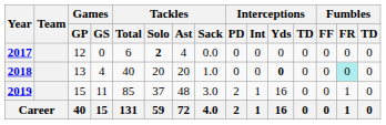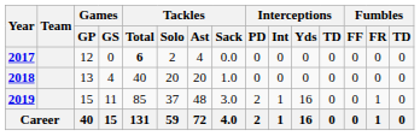 <table class="wikitable" style="text-align:center;">
 <tr>
 <th rowspan="2">Year</th>
 <th rowspan="2">Team</th>
 <th colspan="2">Games</th>
 <th colspan="4">Tackles</th>
 <th colspan="4">Interceptions</th>
 <th colspan="3">Fumbles</th>
 </tr>
 <tr>
 <th>GP</th>
 <th>GS</th>
 <th>Total</th>
 <th>Solo</th>
 <th>Ast</th>
 <th>Sack</th>
 <th>PD</th>
 <th>Int</th>
 <th>Yds</th>
 <th>TD</th>
 <th>FF</th>
 <th>FR</th>
 <th>TD</th>
 </tr>
 <tr>
 <th><a href='#'>2017</a></th>
 <th><a href='#'></a></th>
 <td>12</td>
 <td>0</td>
-<td>6</td>
-<td><strong>2</strong></td>
+<td><strong>6</strong></td>
+<td>2</td>
 <td>4</td>
 <td>0.0</td>
 <td>0</td>
 <td>0</td>
 <td>0</td>
 <td>0</td>
 <td>0</td>
 <td>0</td>
 <td>0</td>
 </tr>
 <tr>
 <th><a href='#'>2018</a></th>
 <th><a href='#'></a></th>
 <td>13</td>
 <td>4</td>
 <td>40</td>
 <td>20</td>
 <td>20</td>
 <td>1.0</td>
 <td>0</td>
 <td>0</td>
-<td><strong>0</strong></td>
 <td>0</td>
 <td>0</td>
-<td style="background: paleturquoise;">0</td>
+<td>0</td>
+<td>0</td>
 <td>0</td>
 </tr>
 <tr>
 <th><a href='#'>2019</a></th>
 <th><a href='#'></a></th>
 <td>15</td>
 <td>11</td>
 <td>85</td>
 <td>37</td>
 <td>48</td>
 <td>3.0</td>
 <td>2</td>
 <td>1</td>
 <td>16</td>
 <td>0</td>
 <td>0</td>
 <td>1</td>
 <td>0</td>
 </tr>
 <tr>
 <th align=center colspan="2">Career</th>
 <th>40</th>
 <th>15</th>
 <th>131</th>
 <th>59</th>
 <th>72</th>
 <th>4.0</th>
 <th>2</th>
 <th>1</th>
 <th>16</th>
 <th>0</th>
 <th>0</th>
 <th>1</th>
 <th>0</th>
 </tr>
 </table>
